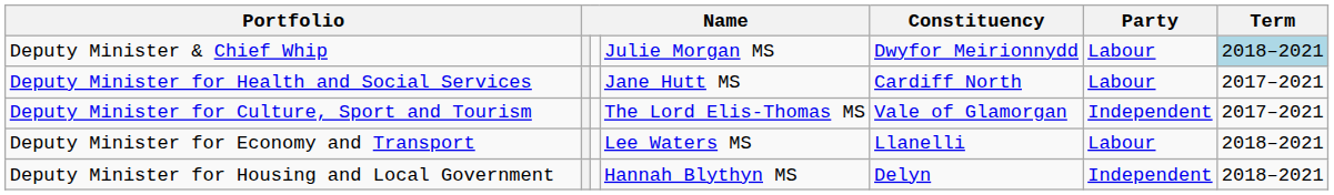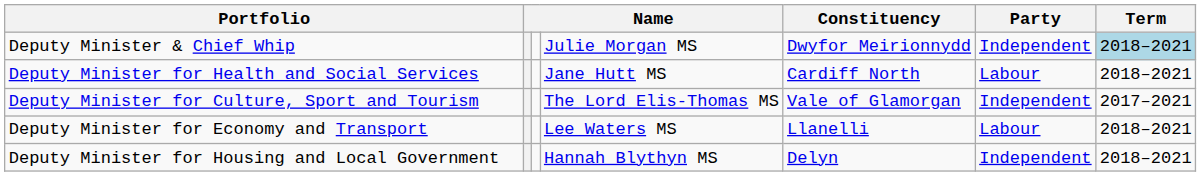 <table class="wikitable">
 <tr>
 <th style="width: 390px">Portfolio</th>
 <th colspan="3">Name</th>
 <th>Constituency</th>
 <th>Party</th>
 <th>Term</th>
 </tr>
 <tr>
 <td>Deputy Minister & <a href='#'>Chief Whip</a></td>
 <th style="background-color: "></th>
 <td></td>
 <td><a href='#'>Julie Morgan</a> MS</td>
 <td><a href='#'>Dwyfor Meirionnydd</a></td>
-<td><a href='#'>Labour</a></td>
+<td><a href='#'>Independent</a></td>
 <td style="background: lightblue;">2018–2021</td>
 </tr>
 <tr>
 <td><a href='#'>Deputy Minister for Health and Social Services</a></td>
 <th style="background-color: "></th>
 <td></td>
 <td><a href='#'>Jane Hutt</a> MS</td>
 <td><a href='#'>Cardiff North</a></td>
 <td><a href='#'>Labour</a></td>
-<td>2017–2021</td>
+<td>2018–2021</td>
 </tr>
 <tr>
 <td><a href='#'>Deputy Minister for Culture, Sport and Tourism</a></td>
 <th style="background-color: "></th>
 <td></td>
 <td><a href='#'>The Lord Elis-Thomas</a> MS</td>
 <td><a href='#'>Vale of Glamorgan</a></td>
 <td><a href='#'>Independent</a></td>
 <td>2017–2021</td>
 </tr>
 <tr>
 <td>Deputy Minister for Economy and <a href='#'>Transport</a></td>
 <th style="background-color: "></th>
 <td></td>
 <td><a href='#'>Lee Waters</a> MS</td>
 <td><a href='#'>Llanelli</a></td>
 <td><a href='#'>Labour</a></td>
 <td>2018–2021</td>
 </tr>
 <tr>
 <td>Deputy Minister for Housing and Local Government</td>
 <th style="background-color: "></th>
 <td></td>
 <td><a href='#'>Hannah Blythyn</a> MS</td>
 <td><a href='#'>Delyn</a></td>
 <td><a href='#'>Independent</a></td>
 <td>2018–2021</td>
 </tr>
 </table>
